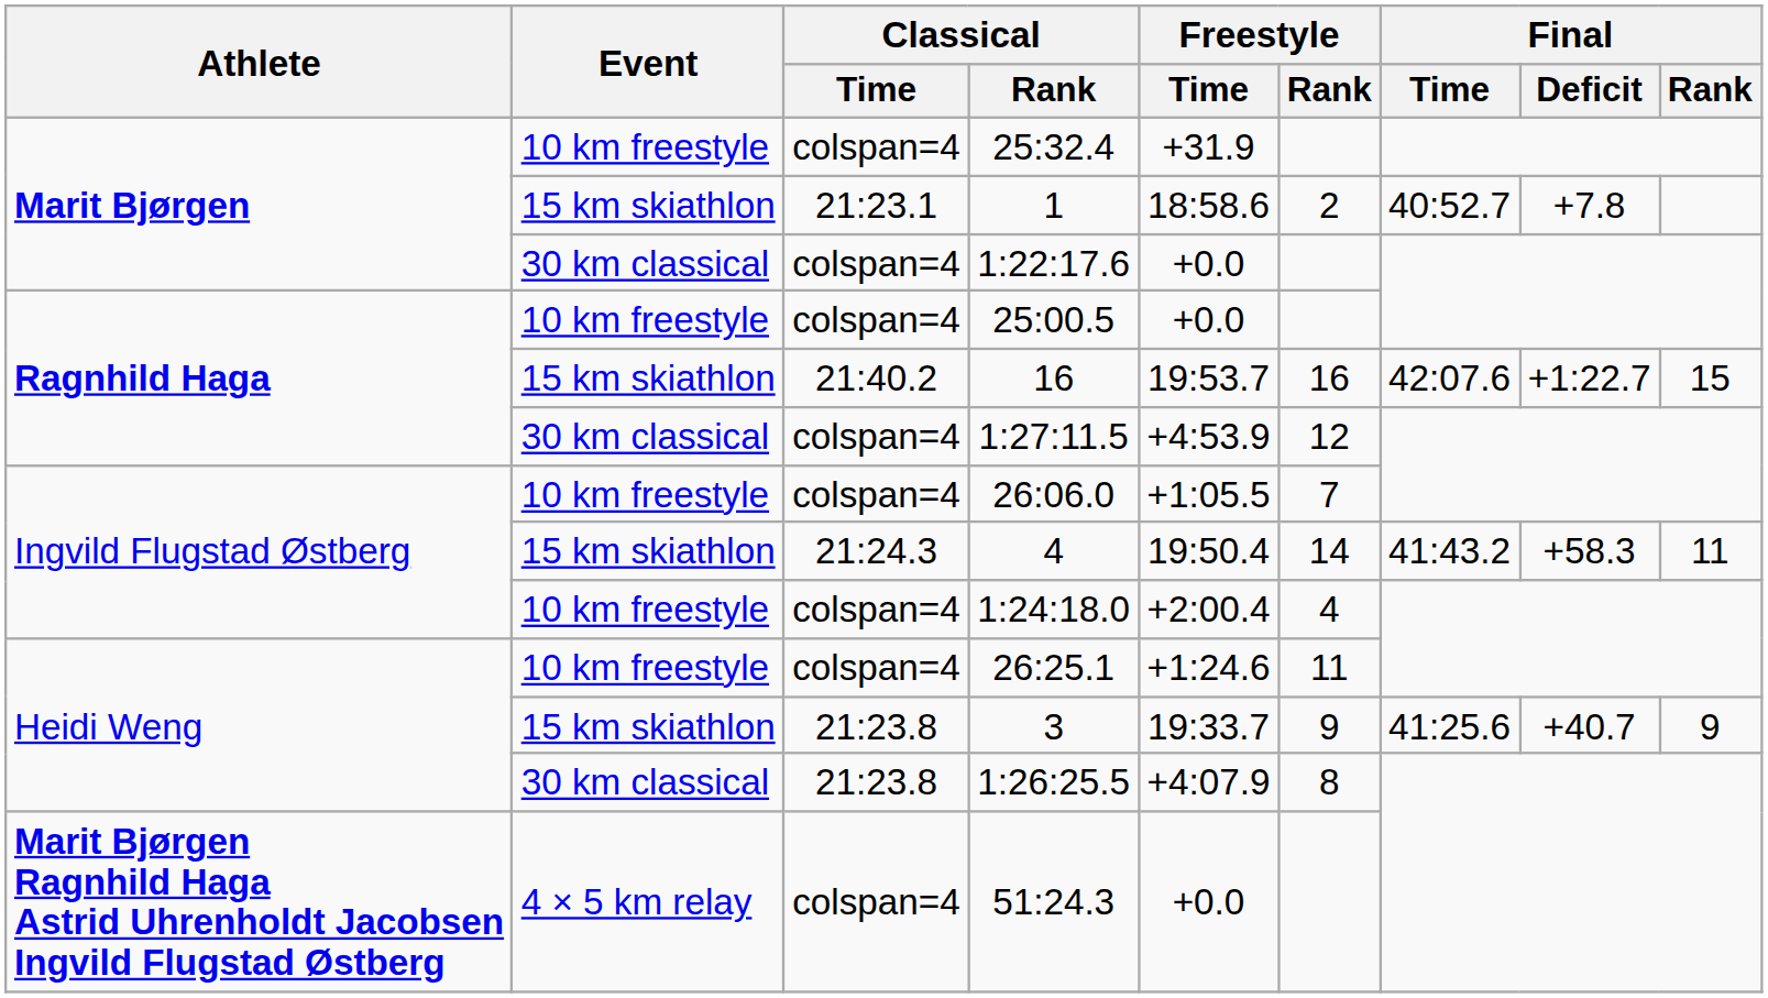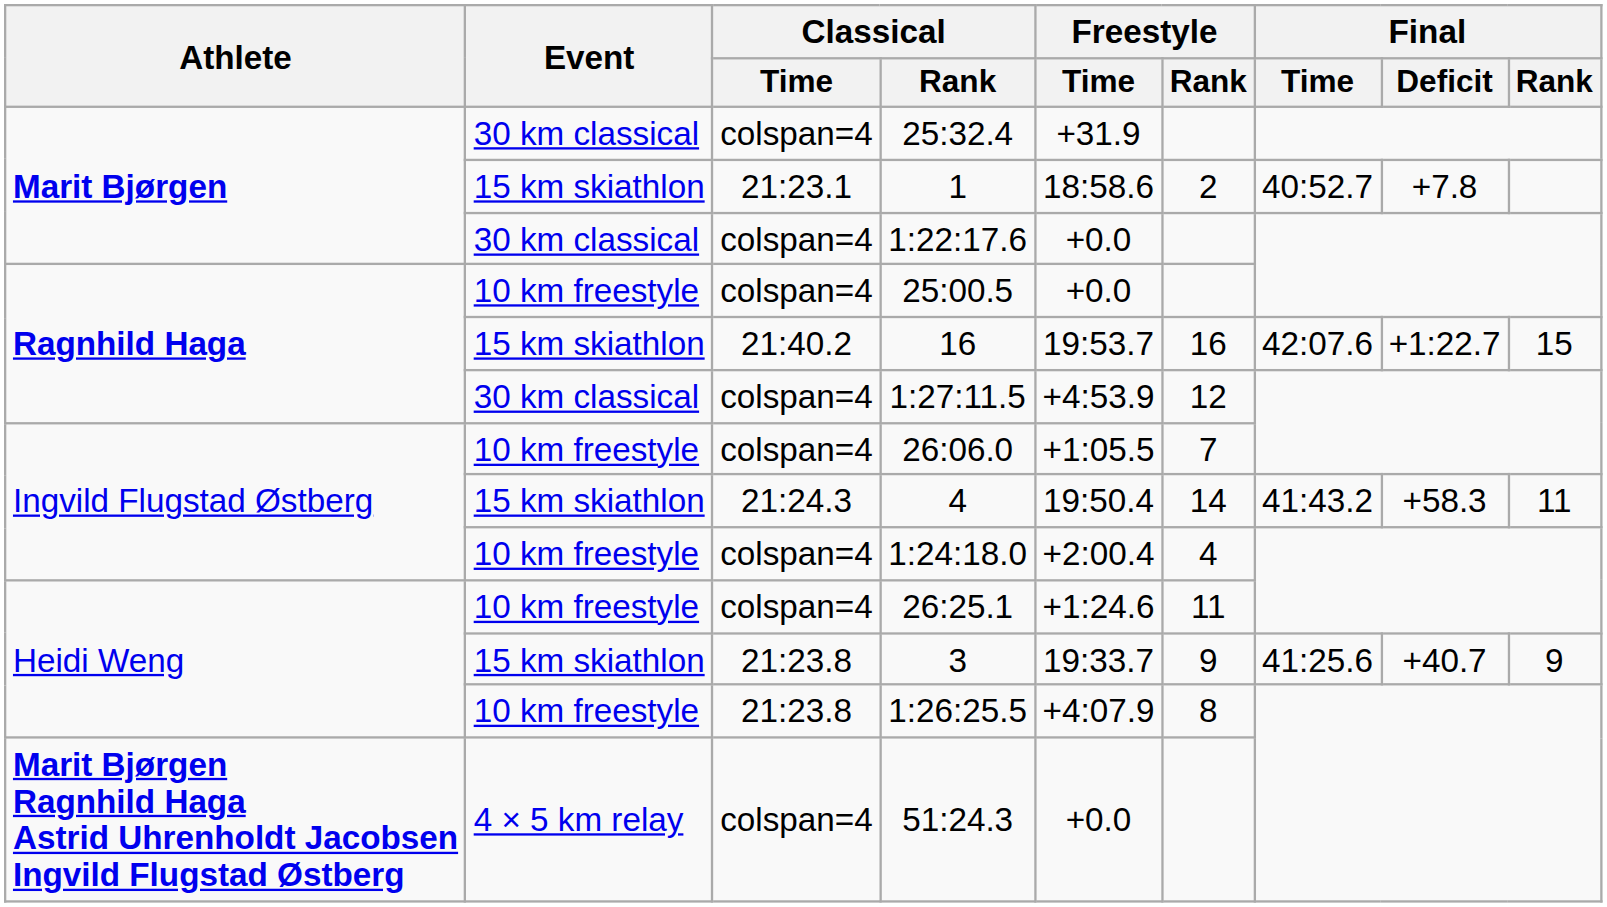 <table class="wikitable" style="font-size:90%">
 <tr>
 <th rowspan=2>Athlete</th>
 <th rowspan=2>Event</th>
 <th colspan=2>Classical</th>
 <th colspan=2>Freestyle</th>
 <th colspan=3>Final</th>
 </tr>
 <tr style="font-size: 95%">
 <th>Time</th>
 <th>Rank</th>
 <th>Time</th>
 <th>Rank</th>
 <th>Time</th>
 <th>Deficit</th>
 <th>Rank</th>
 </tr>
 <tr align=center>
 <td align=left rowspan=3><strong><a href='#'>Marit Bjørgen</a></strong></td>
-<td align=left><a href='#'>10 km freestyle</a></td>
+<td align=left><a href='#'>30 km classical</a></td>
 <td>colspan=4 </td>
 <td>25:32.4</td>
 <td>+31.9</td>
 <td></td>
 </tr>
 <tr align=center>
 <td align=left><a href='#'>15 km skiathlon</a></td>
 <td>21:23.1</td>
 <td>1</td>
 <td>18:58.6</td>
 <td>2</td>
 <td>40:52.7</td>
 <td>+7.8</td>
 <td></td>
 </tr>
 <tr align=center>
 <td align=left><a href='#'>30 km classical</a></td>
 <td>colspan=4 </td>
 <td>1:22:17.6</td>
 <td>+0.0</td>
 <td></td>
 </tr>
 <tr align=center>
 <td align=left rowspan=3><strong><a href='#'>Ragnhild Haga</a></strong></td>
 <td align=left><a href='#'>10 km freestyle</a></td>
 <td>colspan=4 </td>
 <td>25:00.5</td>
 <td>+0.0</td>
 <td></td>
 </tr>
 <tr align=center>
 <td align=left><a href='#'>15 km skiathlon</a></td>
 <td>21:40.2</td>
 <td>16</td>
 <td>19:53.7</td>
 <td>16</td>
 <td>42:07.6</td>
 <td>+1:22.7</td>
 <td>15</td>
 </tr>
 <tr align=center>
 <td align=left><a href='#'>30 km classical</a></td>
 <td>colspan=4 </td>
 <td>1:27:11.5</td>
 <td>+4:53.9</td>
 <td>12</td>
 </tr>
 <tr align=center>
 <td align=left rowspan=3><a href='#'>Ingvild Flugstad Østberg</a></td>
 <td align=left><a href='#'>10 km freestyle</a></td>
 <td>colspan=4 </td>
 <td>26:06.0</td>
 <td>+1:05.5</td>
 <td>7</td>
 </tr>
 <tr align=center>
 <td align=left><a href='#'>15 km skiathlon</a></td>
 <td>21:24.3</td>
 <td>4</td>
 <td>19:50.4</td>
 <td>14</td>
 <td>41:43.2</td>
 <td>+58.3</td>
 <td>11</td>
 </tr>
 <tr align=center>
 <td align=left><a href='#'>10 km freestyle</a></td>
 <td>colspan=4 </td>
 <td>1:24:18.0</td>
 <td>+2:00.4</td>
 <td>4</td>
 </tr>
 <tr align=center>
 <td align=left rowspan=3><a href='#'>Heidi Weng</a></td>
 <td align=left><a href='#'>10 km freestyle</a></td>
 <td>colspan=4 </td>
 <td>26:25.1</td>
 <td>+1:24.6</td>
 <td>11</td>
 </tr>
 <tr align=center>
 <td align=left><a href='#'>15 km skiathlon</a></td>
 <td>21:23.8</td>
 <td>3</td>
 <td>19:33.7</td>
 <td>9</td>
 <td>41:25.6</td>
 <td>+40.7</td>
 <td>9</td>
 </tr>
 <tr align=center>
-<td align=left><a href='#'>30 km classical</a></td>
+<td align=left><a href='#'>10 km freestyle</a></td>
 <td>21:23.8</td>
 <td>1:26:25.5</td>
 <td>+4:07.9</td>
 <td>8</td>
 </tr>
 <tr align=center>
 <td align=left><strong><a href='#'>Marit Bjørgen</a><br><a href='#'>Ragnhild Haga</a><br><a href='#'>Astrid Uhrenholdt Jacobsen</a><br><a href='#'>Ingvild Flugstad Østberg</a></strong></td>
 <td align=left><a href='#'>4 × 5 km relay</a></td>
 <td>colspan=4 </td>
 <td>51:24.3</td>
 <td>+0.0</td>
 <td></td>
 </tr>
 </table>
